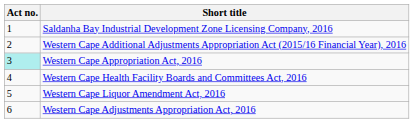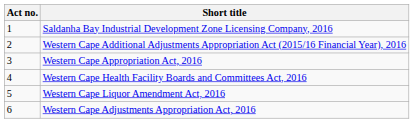 <table class=wikitable sortable>
 <tr>
 <th>Act no.</th>
 <th>Short title</th>
 </tr>
 <tr>
 <td>1</td>
 <td><a href='#'>Saldanha Bay Industrial Development Zone Licensing Company, 2016</a></td>
 </tr>
 <tr>
 <td>2</td>
 <td><a href='#'>Western Cape Additional Adjustments Appropriation Act (2015/16 Financial Year), 2016</a></td>
 </tr>
 <tr>
-<td style="background: paleturquoise;">3</td>
+<td>3</td>
 <td><a href='#'>Western Cape Appropriation Act, 2016</a></td>
 </tr>
 <tr>
 <td>4</td>
 <td><a href='#'>Western Cape Health Facility Boards and Committees Act, 2016</a></td>
 </tr>
 <tr>
 <td>5</td>
 <td><a href='#'>Western Cape Liquor Amendment Act, 2016</a></td>
 </tr>
 <tr>
 <td>6</td>
 <td><a href='#'>Western Cape Adjustments Appropriation Act, 2016</a></td>
 </tr>
 </table>
